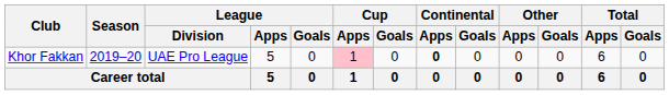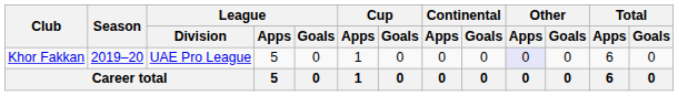 <table class="wikitable" style="text-align: center">
 <tr>
 <th rowspan="2">Club</th>
 <th rowspan="2">Season</th>
 <th colspan="3">League</th>
 <th colspan="2">Cup</th>
 <th colspan="2">Continental</th>
 <th colspan="2">Other</th>
 <th colspan="2">Total</th>
 </tr>
 <tr>
 <th>Division</th>
 <th>Apps</th>
 <th>Goals</th>
 <th>Apps</th>
 <th>Goals</th>
 <th>Apps</th>
 <th>Goals</th>
 <th>Apps</th>
 <th>Goals</th>
 <th>Apps</th>
 <th>Goals</th>
 </tr>
 <tr>
 <td><a href='#'>Khor Fakkan</a></td>
 <td><a href='#'>2019–20</a></td>
 <td><a href='#'>UAE Pro League</a></td>
 <td>5</td>
 <td>0</td>
-<td style="background: pink;">1</td>
-<td>0</td>
-<td><strong>0</strong></td>
+<td>1</td>
 <td>0</td>
 <td>0</td>
+<td>0</td>
+<td style="background: lavender;">0</td>
 <td>0</td>
 <td>6</td>
 <td>0</td>
 </tr>
 <tr>
 <th colspan="3"><strong>Career total</strong></th>
 <th>5</th>
 <th>0</th>
 <th>1</th>
 <th>0</th>
 <th>0</th>
 <th>0</th>
 <th>0</th>
 <th>0</th>
 <th>6</th>
 <th>0</th>
 </tr>
 </table>
